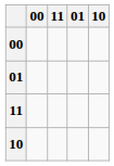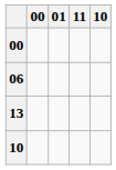 <table style="float:right" class=wikitable>
 <tr>
 <th></th>
 <th>00</th>
+<th>01</th>
 <th>11</th>
-<th>01</th>
 <th>10</th>
 </tr>
 <tr>
 <th height=30px>00</th>
 <td></td>
 <td></td>
 <td></td>
 <td></td>
 </tr>
 <tr>
-<th height=30px>01</th>
+<th height=30px>06</th>
 <td></td>
 <td></td>
 <td></td>
 <td></td>
 </tr>
 <tr>
-<th height=30px>11</th>
+<th height=30px>13</th>
 <td></td>
 <td></td>
 <td></td>
 <td></td>
 </tr>
 <tr>
 <th height=30px>10</th>
 <td></td>
 <td></td>
 <td></td>
 <td></td>
 </tr>
 </table>
